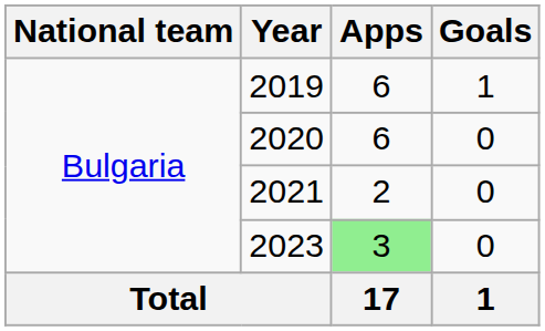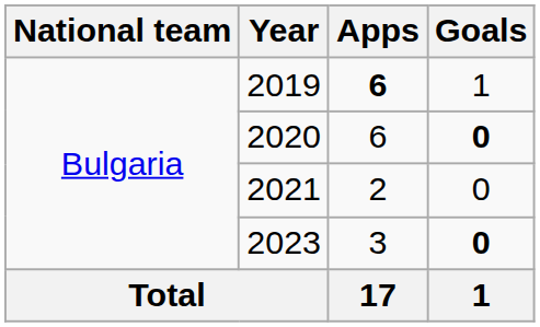 <table class="wikitable" style="text-align:center">
 <tr>
 <th>National team</th>
 <th>Year</th>
 <th>Apps</th>
 <th>Goals</th>
 </tr>
 <tr>
 <td rowspan="4"><a href='#'>Bulgaria</a></td>
 <td>2019</td>
-<td>6</td>
+<td><strong>6</strong></td>
 <td>1</td>
 </tr>
 <tr>
 <td>2020</td>
 <td>6</td>
-<td>0</td>
+<td><strong>0</strong></td>
 </tr>
 <tr>
 <td>2021</td>
 <td>2</td>
 <td>0</td>
 </tr>
 <tr>
 <td>2023</td>
-<td style="background: lightgreen;">3</td>
-<td>0</td>
+<td>3</td>
+<td><strong>0</strong></td>
 </tr>
 <tr>
 <th colspan="2">Total</th>
 <th>17</th>
 <th>1</th>
 </tr>
 </table>
